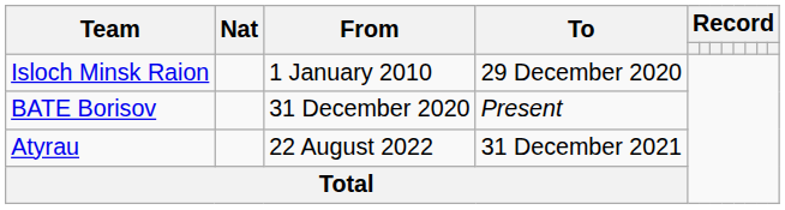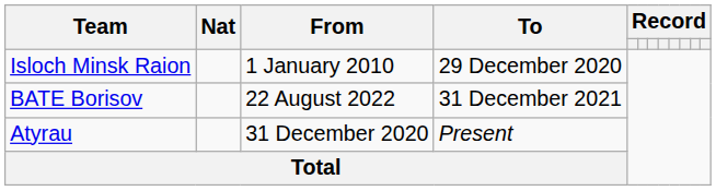 <table class="wikitable" style="text-align: center">
 <tr>
 <th rowspan="2">Team</th>
 <th rowspan="2">Nat</th>
 <th rowspan="2">From</th>
 <th rowspan="2">To</th>
 <th colspan="8">Record</th>
 </tr>
 <tr>
 <th></th>
 <th></th>
 <th></th>
 <th></th>
 <th></th>
 <th></th>
 <th></th>
 <th></th>
 </tr>
 <tr>
 <td align=left><a href='#'>Isloch Minsk Raion</a></td>
 <td></td>
 <td align=left>1 January 2010</td>
 <td align=left>29 December 2020<br></td>
 </tr>
 <tr>
 <td align=left><a href='#'>BATE Borisov</a></td>
 <td></td>
-<td align=left>31 December 2020</td>
-<td align=left><em>Present</em><br></td>
+<td align=left>22 August 2022</td>
+<td align=left>31 December 2021<br></td>
 </tr>
 <tr>
 <td align=left><a href='#'>Atyrau</a></td>
 <td></td>
-<td align=left>22 August 2022</td>
-<td align=left>31 December 2021<br></td>
+<td align=left>31 December 2020</td>
+<td align=left><em>Present</em><br></td>
 </tr>
 <tr>
 <th colspan="4">Total<br></th>
 </tr>
 </table>
